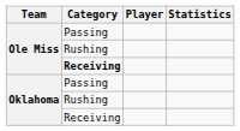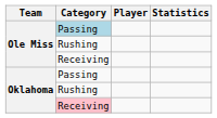 <table class="wikitable" style="float:right">
 <tr>
 <th>Team</th>
 <th>Category</th>
 <th>Player</th>
 <th>Statistics</th>
 </tr>
 <tr>
 <th rowspan=3>Ole Miss</th>
-<td>Passing</td>
+<td style="background: lightblue;">Passing</td>
 <td></td>
 <td></td>
 </tr>
 <tr>
 <td>Rushing</td>
 <td></td>
 <td></td>
 </tr>
 <tr>
-<td><strong>Receiving</strong></td>
+<td>Receiving</td>
 <td></td>
 <td></td>
 </tr>
 <tr>
 <th rowspan=3>Oklahoma</th>
 <td>Passing</td>
 <td></td>
 <td></td>
 </tr>
 <tr>
 <td>Rushing</td>
 <td></td>
 <td></td>
 </tr>
 <tr>
-<td>Receiving</td>
+<td style="background: pink;">Receiving</td>
 <td></td>
 <td></td>
 </tr>
 </table>
